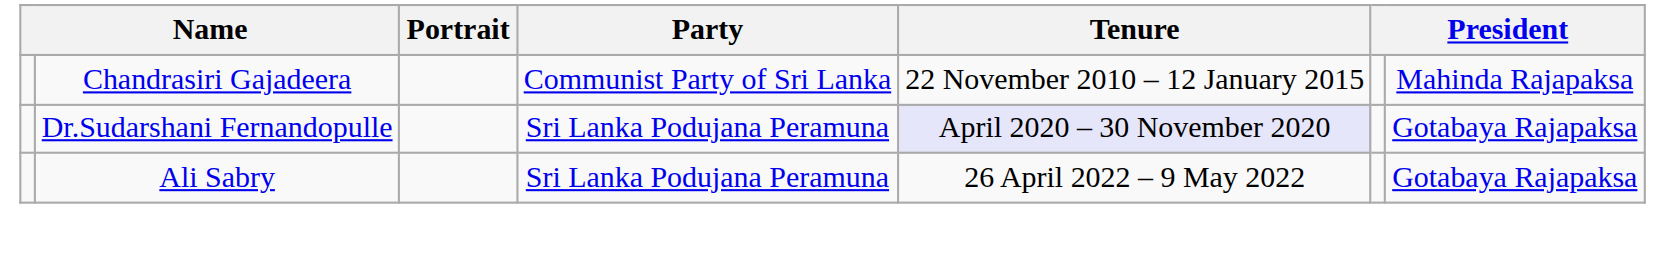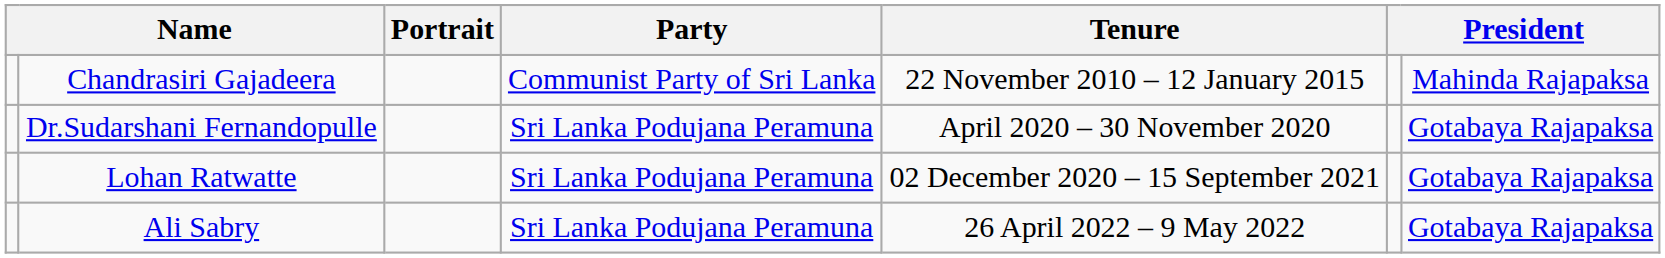 <table class="wikitable" style="margin:1em auto; font-size:90%; text-align:center;">
 <tr>
 <th colspan="2">Name</th>
 <th>Portrait</th>
 <th>Party</th>
 <th>Tenure</th>
 <th colspan="2"><a href='#'>President</a></th>
 </tr>
 <tr>
 <td !align="center" style="background:"></td>
 <td><a href='#'>Chandrasiri Gajadeera</a></td>
 <td></td>
 <td><a href='#'>Communist Party of Sri Lanka</a></td>
 <td>22 November 2010 – 12 January 2015</td>
 <td !align="center" style="background:"></td>
 <td><a href='#'>Mahinda Rajapaksa</a></td>
 </tr>
 <tr>
 <td !align="center" style="background:"></td>
 <td><a href='#'>Dr.Sudarshani Fernandopulle</a></td>
 <td></td>
 <td><a href='#'>Sri Lanka Podujana Peramuna</a></td>
-<td style="background: lavender;">April 2020 – 30 November 2020</td>
+<td>April 2020 – 30 November 2020</td>
+<td !align="center" style="background:"></td>
+<td><a href='#'>Gotabaya Rajapaksa</a></td>
+</tr>
+<tr>
+<td !align="center" style="background:"></td>
+<td><a href='#'>Lohan Ratwatte</a></td>
+<td></td>
+<td><a href='#'>Sri Lanka Podujana Peramuna</a></td>
+<td>02 December 2020 – 15 September 2021</td>
 <td !align="center" style="background:"></td>
 <td><a href='#'>Gotabaya Rajapaksa</a></td>
 </tr>
 <tr>
 <td !align="center" style="background:"></td>
 <td><a href='#'>Ali Sabry</a></td>
 <td></td>
 <td><a href='#'>Sri Lanka Podujana Peramuna</a></td>
 <td>26 April 2022 – 9 May 2022</td>
 <td !align="center" style="background:"></td>
 <td><a href='#'>Gotabaya Rajapaksa</a></td>
 </tr>
 </table>
